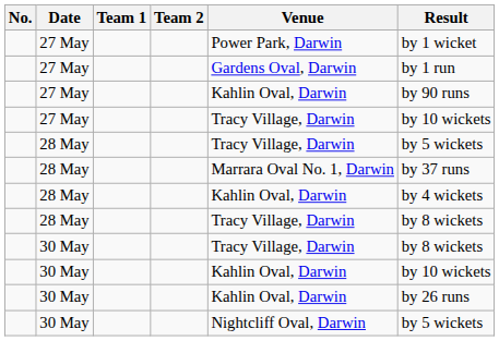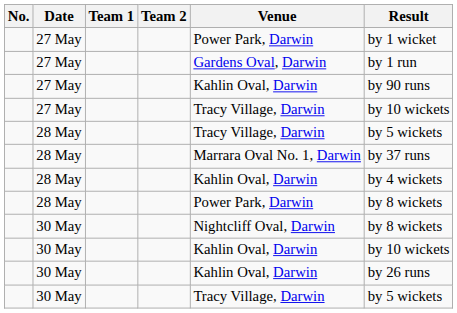 <table class="wikitable">
 <tr>
 <th>No.</th>
 <th>Date</th>
 <th>Team 1</th>
 <th>Team 2</th>
 <th>Venue</th>
 <th>Result</th>
 </tr>
 <tr>
 <td></td>
 <td>27 May</td>
 <td></td>
 <td></td>
 <td>Power Park, <a href='#'>Darwin</a></td>
 <td> by 1 wicket</td>
 </tr>
 <tr>
 <td></td>
 <td>27 May</td>
 <td></td>
 <td></td>
 <td><a href='#'>Gardens Oval</a>, <a href='#'>Darwin</a></td>
 <td> by 1 run</td>
 </tr>
 <tr>
 <td></td>
 <td>27 May</td>
 <td></td>
 <td></td>
 <td>Kahlin Oval, <a href='#'>Darwin</a></td>
 <td> by 90 runs</td>
 </tr>
 <tr>
 <td></td>
 <td>27 May</td>
 <td></td>
 <td></td>
 <td>Tracy Village, <a href='#'>Darwin</a></td>
 <td> by 10 wickets</td>
 </tr>
 <tr>
 <td></td>
 <td>28 May</td>
 <td></td>
 <td></td>
 <td>Tracy Village, <a href='#'>Darwin</a></td>
 <td> by 5 wickets</td>
 </tr>
 <tr>
 <td></td>
 <td>28 May</td>
 <td></td>
 <td></td>
 <td>Marrara Oval No. 1, <a href='#'>Darwin</a></td>
 <td> by 37 runs</td>
 </tr>
 <tr>
 <td></td>
 <td>28 May</td>
 <td></td>
 <td></td>
 <td>Kahlin Oval, <a href='#'>Darwin</a></td>
 <td> by 4 wickets</td>
 </tr>
 <tr>
 <td></td>
 <td>28 May</td>
 <td></td>
 <td></td>
-<td>Tracy Village, <a href='#'>Darwin</a></td>
+<td>Power Park, <a href='#'>Darwin</a></td>
 <td> by 8 wickets</td>
 </tr>
 <tr>
 <td></td>
 <td>30 May</td>
 <td></td>
 <td></td>
-<td>Tracy Village, <a href='#'>Darwin</a></td>
+<td>Nightcliff Oval, <a href='#'>Darwin</a></td>
 <td> by 8 wickets</td>
 </tr>
 <tr>
 <td></td>
 <td>30 May</td>
 <td></td>
 <td></td>
 <td>Kahlin Oval, <a href='#'>Darwin</a></td>
 <td> by 10 wickets</td>
 </tr>
 <tr>
 <td></td>
 <td>30 May</td>
 <td></td>
 <td></td>
 <td>Kahlin Oval, <a href='#'>Darwin</a></td>
 <td> by 26 runs</td>
 </tr>
 <tr>
 <td></td>
 <td>30 May</td>
 <td></td>
 <td></td>
-<td>Nightcliff Oval, <a href='#'>Darwin</a></td>
+<td>Tracy Village, <a href='#'>Darwin</a></td>
 <td> by 5 wickets</td>
 </tr>
 </table>
